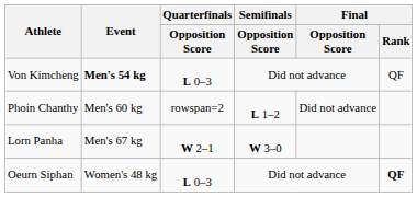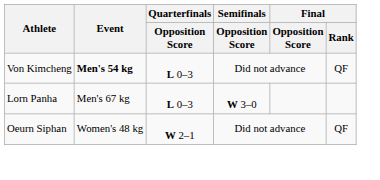 <table class="wikitable" style="font-size:90%">
 <tr>
 <th rowspan=2>Athlete</th>
 <th rowspan=2>Event</th>
 <th>Quarterfinals</th>
 <th>Semifinals</th>
 <th colspan=2>Final</th>
 </tr>
 <tr style="font-size:95">
 <th>Opposition<br>Score</th>
 <th>Opposition<br>Score</th>
 <th>Opposition<br>Score</th>
 <th>Rank</th>
 </tr>
 <tr align=center>
 <td align=left>Von Kimcheng</td>
 <td align=left><strong>Men's 54 kg</strong></td>
 <td><br><strong>L</strong> 0–3</td>
 <td colspan=2>Did not advance</td>
 <td>QF</td>
 </tr>
 <tr align=center>
-<td align=left>Phoin Chanthy</td>
-<td align=left>Men's 60 kg</td>
-<td>rowspan=2 </td>
-<td><br><strong>L</strong> 1–2</td>
-<td>Did not advance</td>
-<td></td>
-</tr>
-<tr align=center>
 <td align=left>Lorn Panha</td>
 <td align=left>Men's 67 kg</td>
-<td><br><strong>W</strong> 2–1</td>
+<td><br><strong>L</strong> 0–3</td>
 <td><br><strong>W</strong> 3–0</td>
 <td></td>
 </tr>
 <tr align=center>
 <td align=left>Oeurn Siphan</td>
 <td align=left>Women's 48 kg</td>
-<td><br><strong>L</strong> 0–3</td>
+<td><br><strong>W</strong> 2–1</td>
 <td colspan=2>Did not advance</td>
-<td><strong>QF</strong></td>
+<td>QF</td>
 </tr>
 </table>
